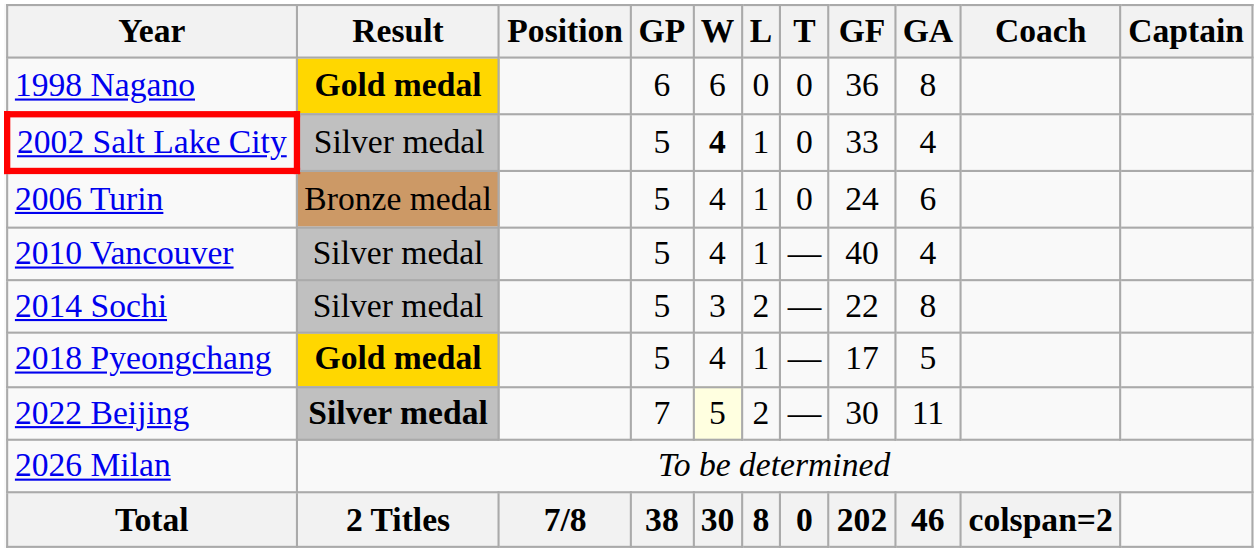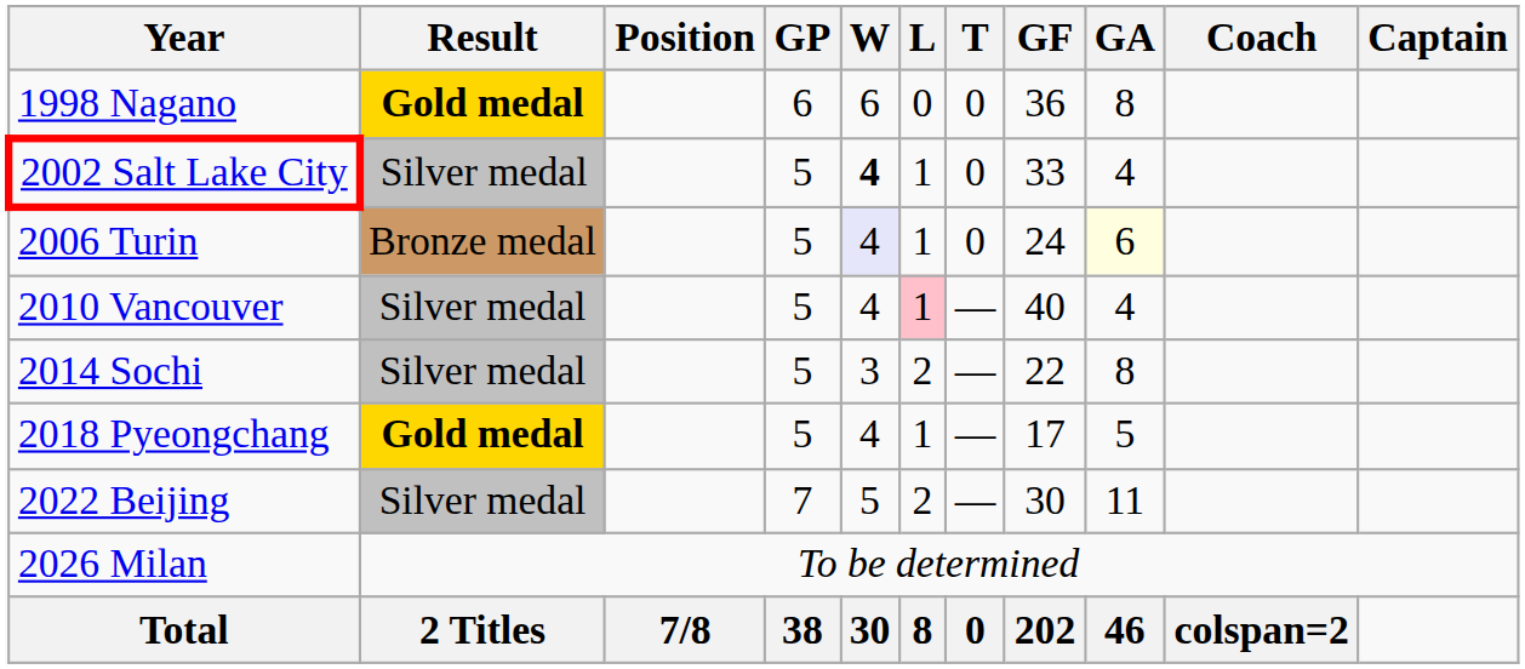 <table class="wikitable sortable" style="font-size: 100%; text-align: center;">
 <tr>
 <th>Year</th>
 <th>Result</th>
 <th>Position</th>
 <th>GP</th>
 <th>W</th>
 <th>L</th>
 <th>T</th>
 <th>GF</th>
 <th>GA</th>
 <th>Coach</th>
 <th>Captain</th>
 </tr>
 <tr>
 <td align=left> <a href='#'>1998 Nagano</a></td>
 <td style="background:gold;"><strong>Gold medal</strong></td>
 <td></td>
 <td>6</td>
 <td>6</td>
 <td>0</td>
 <td>0</td>
 <td>36</td>
 <td>8</td>
 <td></td>
 <td></td>
 </tr>
 <tr>
 <td style="border: 3px solid red" align=left> <a href='#'>2002 Salt Lake City</a></td>
 <td style="background:silver;">Silver medal</td>
 <td></td>
 <td>5</td>
 <td><strong>4</strong></td>
 <td>1</td>
 <td>0</td>
 <td>33</td>
 <td>4</td>
 <td></td>
 <td></td>
 </tr>
 <tr>
 <td align=left> <a href='#'>2006 Turin</a></td>
 <td style="background:#cc9966;">Bronze medal</td>
 <td></td>
 <td>5</td>
-<td>4</td>
+<td style="background: lavender;">4</td>
 <td>1</td>
 <td>0</td>
 <td>24</td>
-<td>6</td>
+<td style="background: lightyellow;">6</td>
 <td></td>
 <td></td>
 </tr>
 <tr>
 <td align=left> <a href='#'>2010 Vancouver</a></td>
 <td style="background:silver;">Silver medal</td>
 <td></td>
 <td>5</td>
 <td>4</td>
-<td>1</td>
+<td style="background: pink;">1</td>
 <td>—</td>
 <td>40</td>
 <td>4</td>
 <td></td>
 <td></td>
 </tr>
 <tr>
 <td align=left> <a href='#'>2014 Sochi</a></td>
 <td style="background:silver;">Silver medal</td>
 <td></td>
 <td>5</td>
 <td>3</td>
 <td>2</td>
 <td>—</td>
 <td>22</td>
 <td>8</td>
 <td></td>
 <td></td>
 </tr>
 <tr>
 <td align=left> <a href='#'>2018 Pyeongchang</a></td>
 <td style="background:gold;"><strong>Gold medal</strong></td>
 <td></td>
 <td>5</td>
 <td>4</td>
 <td>1</td>
 <td>—</td>
 <td>17</td>
 <td>5</td>
 <td></td>
 <td></td>
 </tr>
 <tr>
 <td align=left> <a href='#'>2022 Beijing</a></td>
-<td style="background:silver;"><strong>Silver medal</strong></td>
+<td style="background:silver;">Silver medal</td>
 <td></td>
 <td>7</td>
-<td style="background: lightyellow;">5</td>
+<td>5</td>
 <td>2</td>
 <td>—</td>
 <td>30</td>
 <td>11</td>
 <td></td>
 <td></td>
 </tr>
 <tr>
 <td align=left> <a href='#'>2026 Milan</a></td>
 <td colspan=10><em>To be determined</em></td>
 </tr>
 <tr>
 <th>Total</th>
 <th>2 Titles</th>
 <th>7/8</th>
 <th>38</th>
 <th>30</th>
 <th>8</th>
 <th>0</th>
 <th>202</th>
 <th>46</th>
 <th>colspan=2 </th>
 </tr>
 </table>
